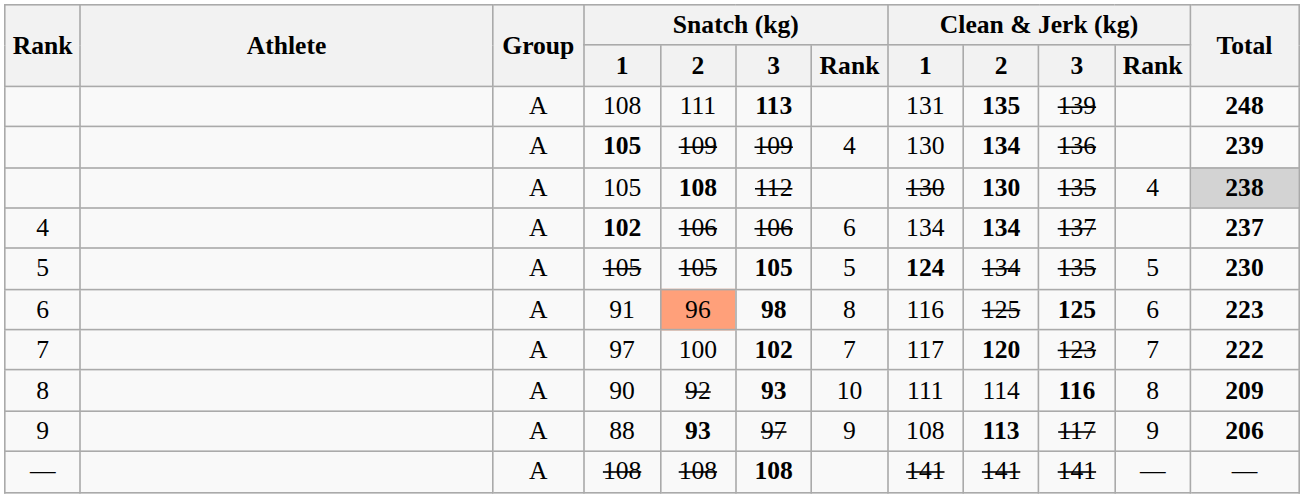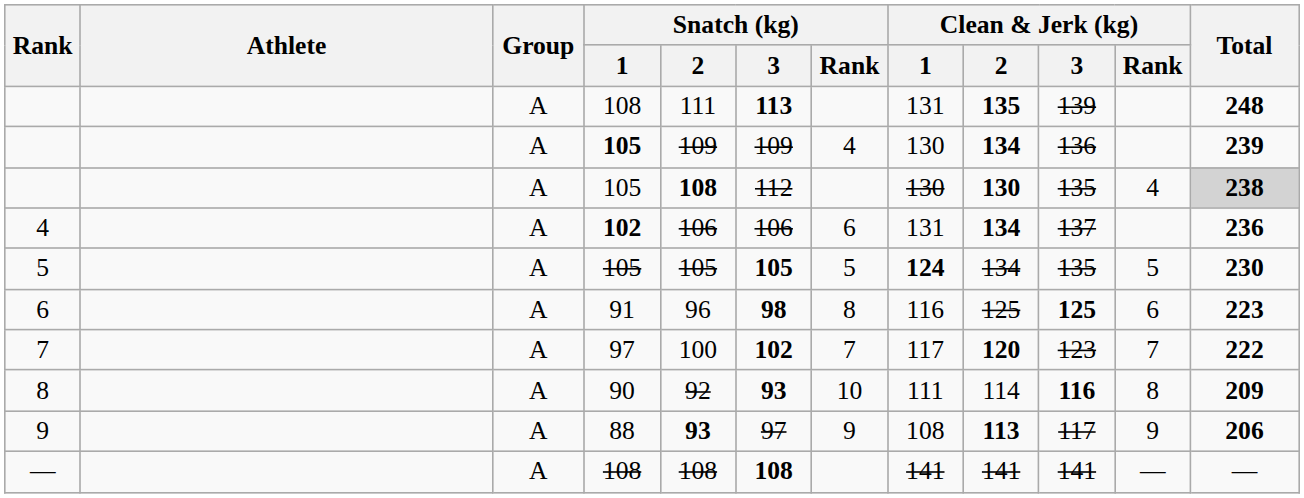 <table class = "wikitable" style="text-align:center;">
 <tr>
 <th rowspan=2 width=40>Rank</th>
 <th rowspan=2 width=250>Athlete</th>
 <th rowspan=2 width=50>Group</th>
 <th colspan=4>Snatch (kg)</th>
 <th colspan=4>Clean & Jerk (kg)</th>
 <th rowspan=2 width=60>Total</th>
 </tr>
 <tr>
 <th width=40>1</th>
 <th width=40>2</th>
 <th width=40>3</th>
 <th width=40>Rank</th>
 <th width=40>1</th>
 <th width=40>2</th>
 <th width=40>3</th>
 <th width=40>Rank</th>
 </tr>
 <tr>
 <td></td>
 <td align=left></td>
 <td>A</td>
 <td>108</td>
 <td>111</td>
 <td><strong>113</strong></td>
 <td></td>
 <td>131</td>
 <td><strong>135</strong></td>
 <td><s>139</s></td>
 <td></td>
 <td><strong>248</strong></td>
 </tr>
 <tr>
 <td></td>
 <td align=left></td>
 <td>A</td>
 <td><strong>105</strong></td>
 <td><s>109</s></td>
 <td><s>109</s></td>
 <td>4</td>
 <td>130</td>
 <td><strong>134</strong></td>
 <td><s>136</s></td>
 <td></td>
 <td><strong>239</strong></td>
 </tr>
 <tr>
 <td></td>
 <td align=left></td>
 <td>A</td>
 <td>105</td>
 <td><strong>108</strong></td>
 <td><s>112</s></td>
 <td></td>
 <td><s>130</s></td>
 <td><strong>130</strong></td>
 <td><s>135</s></td>
 <td>4</td>
 <td style="background: lightgrey;"><strong>238</strong></td>
 </tr>
 <tr>
 <td>4</td>
 <td align=left></td>
 <td>A</td>
 <td><strong>102</strong></td>
 <td><s>106</s></td>
 <td><s>106</s></td>
 <td>6</td>
-<td>134</td>
+<td>131</td>
 <td><strong>134</strong></td>
 <td><s>137</s></td>
 <td></td>
-<td><strong>237</strong></td>
+<td><strong>236</strong></td>
 </tr>
 <tr>
 <td>5</td>
 <td align=left></td>
 <td>A</td>
 <td><s>105</s></td>
 <td><s>105</s></td>
 <td><strong>105</strong></td>
 <td>5</td>
 <td><strong>124</strong></td>
 <td><s>134</s></td>
 <td><s>135</s></td>
 <td>5</td>
 <td><strong>230</strong></td>
 </tr>
 <tr>
 <td>6</td>
 <td align=left></td>
 <td>A</td>
 <td>91</td>
-<td style="background: lightsalmon;">96</td>
+<td>96</td>
 <td><strong>98</strong></td>
 <td>8</td>
 <td>116</td>
 <td><s>125</s></td>
 <td><strong>125</strong></td>
 <td>6</td>
 <td><strong>223</strong></td>
 </tr>
 <tr>
 <td>7</td>
 <td align=left></td>
 <td>A</td>
 <td>97</td>
 <td>100</td>
 <td><strong>102</strong></td>
 <td>7</td>
 <td>117</td>
 <td><strong>120</strong></td>
 <td><s>123</s></td>
 <td>7</td>
 <td><strong>222</strong></td>
 </tr>
 <tr>
 <td>8</td>
 <td align=left></td>
 <td>A</td>
 <td>90</td>
 <td><s>92</s></td>
 <td><strong>93</strong></td>
 <td>10</td>
 <td>111</td>
 <td>114</td>
 <td><strong>116</strong></td>
 <td>8</td>
 <td><strong>209</strong></td>
 </tr>
 <tr>
 <td>9</td>
 <td align=left></td>
 <td>A</td>
 <td>88</td>
 <td><strong>93</strong></td>
 <td><s>97</s></td>
 <td>9</td>
 <td>108</td>
 <td><strong>113</strong></td>
 <td><s>117</s></td>
 <td>9</td>
 <td><strong>206</strong></td>
 </tr>
 <tr>
 <td>—</td>
 <td align=left></td>
 <td>A</td>
 <td><s>108</s></td>
 <td><s>108</s></td>
 <td><strong>108</strong></td>
 <td></td>
 <td><s>141</s></td>
 <td><s>141</s></td>
 <td><s>141</s></td>
 <td>—</td>
 <td>—</td>
 </tr>
 </table>
